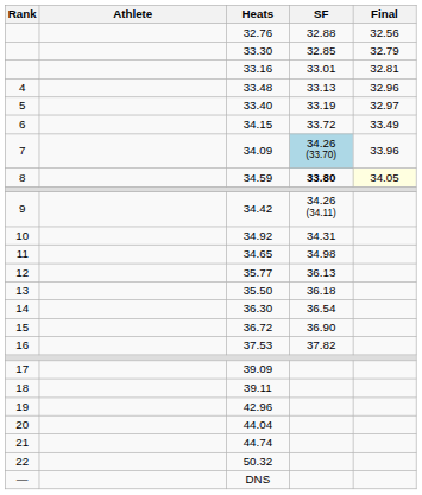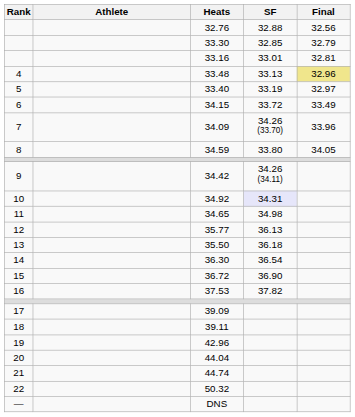 <table class=wikitable style="text-align:center">
 <tr>
 <th width=40>Rank</th>
 <th width=250>Athlete</th>
 <th width=80>Heats</th>
 <th width=80>SF</th>
 <th width=80>Final</th>
 </tr>
 <tr>
 <td></td>
 <td align=left></td>
 <td>32.76</td>
 <td>32.88</td>
 <td>32.56</td>
 </tr>
 <tr>
 <td></td>
 <td align=left></td>
 <td>33.30</td>
 <td>32.85</td>
 <td>32.79</td>
 </tr>
 <tr>
 <td></td>
 <td align=left></td>
 <td>33.16</td>
 <td>33.01</td>
 <td>32.81</td>
 </tr>
 <tr>
 <td>4</td>
 <td align=left></td>
 <td>33.48</td>
 <td>33.13</td>
-<td>32.96</td>
+<td style="background: khaki;">32.96</td>
 </tr>
 <tr>
 <td>5</td>
 <td align=left></td>
 <td>33.40</td>
 <td>33.19</td>
 <td>32.97</td>
 </tr>
 <tr>
 <td>6</td>
 <td align=left></td>
 <td>34.15</td>
 <td>33.72</td>
 <td>33.49</td>
 </tr>
 <tr>
 <td>7</td>
 <td align=left></td>
 <td>34.09</td>
-<td style="background: lightblue;">34.26 <sup>(33.70)</sup></td>
+<td>34.26 <sup>(33.70)</sup></td>
 <td>33.96</td>
 </tr>
 <tr>
 <td>8</td>
 <td align=left></td>
 <td>34.59</td>
-<td><strong>33.80</strong></td>
-<td style="background: lightyellow;">34.05</td>
+<td>33.80</td>
+<td>34.05</td>
 </tr>
 <tr bgcolor=#DDDDDD>
 <td colspan=5></td>
 </tr>
 <tr>
 <td>9</td>
 <td align=left></td>
 <td>34.42</td>
 <td>34.26 <sup>(34.11)</sup></td>
 <td></td>
 </tr>
 <tr>
 <td>10</td>
 <td align=left></td>
 <td>34.92</td>
-<td>34.31</td>
+<td style="background: lavender;">34.31</td>
 <td></td>
 </tr>
 <tr>
 <td>11</td>
 <td align=left></td>
 <td>34.65</td>
 <td>34.98</td>
 <td></td>
 </tr>
 <tr>
 <td>12</td>
 <td align=left></td>
 <td>35.77</td>
 <td>36.13</td>
 <td></td>
 </tr>
 <tr>
 <td>13</td>
 <td align=left></td>
 <td>35.50</td>
 <td>36.18</td>
 <td></td>
 </tr>
 <tr>
 <td>14</td>
 <td align=left></td>
 <td>36.30</td>
 <td>36.54</td>
 <td></td>
 </tr>
 <tr>
 <td>15</td>
 <td align=left></td>
 <td>36.72</td>
 <td>36.90</td>
 <td></td>
 </tr>
 <tr>
 <td>16</td>
 <td align=left></td>
 <td>37.53</td>
 <td>37.82</td>
 <td></td>
 </tr>
 <tr bgcolor=#DDDDDD>
 <td colspan=5></td>
 </tr>
 <tr>
 <td>17</td>
 <td align=left></td>
 <td>39.09</td>
 <td></td>
 <td></td>
 </tr>
 <tr>
 <td>18</td>
 <td align=left></td>
 <td>39.11</td>
 <td></td>
 <td></td>
 </tr>
 <tr>
 <td>19</td>
 <td align=left></td>
 <td>42.96</td>
 <td></td>
 <td></td>
 </tr>
 <tr>
 <td>20</td>
 <td align=left></td>
 <td>44.04</td>
 <td></td>
 <td></td>
 </tr>
 <tr>
 <td>21</td>
 <td align=left></td>
 <td>44.74</td>
 <td></td>
 <td></td>
 </tr>
 <tr>
 <td>22</td>
 <td align=left></td>
 <td>50.32</td>
 <td></td>
 <td></td>
 </tr>
 <tr>
 <td>—</td>
 <td align=left></td>
 <td>DNS</td>
 <td></td>
 <td></td>
 </tr>
 </table>
